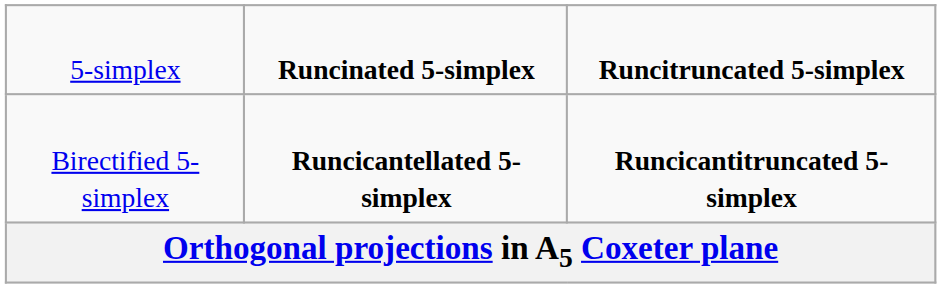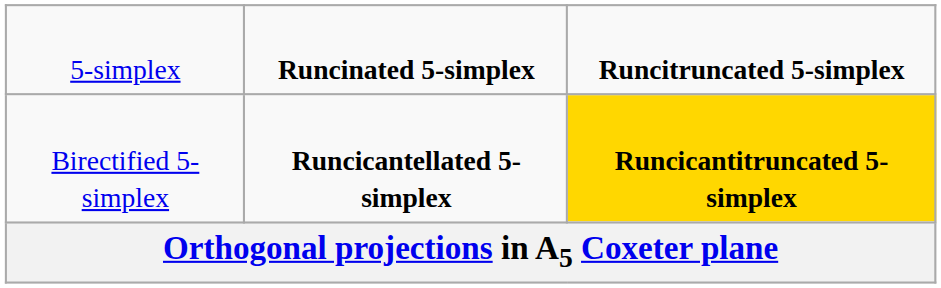 <table class=wikitable align=right width=450 style="margin-left:1em;">
 <tr align=center valign=top>
 <td><br><small><a href='#'>5-simplex</a></small><br></td>
 <td><br><small><strong>Runcinated 5-simplex</strong></small><br></td>
 <td><br><small><strong>Runcitruncated 5-simplex</strong></small><br></td>
 </tr>
 <tr align=center valign=top>
 <td><br><small><a href='#'>Birectified 5-simplex</a></small><br></td>
 <td><br><small><strong>Runcicantellated 5-simplex</strong></small><br></td>
-<td><br><small><strong>Runcicantitruncated 5-simplex</strong></small><br></td>
+<td style="background: gold;"><br><small><strong>Runcicantitruncated 5-simplex</strong></small><br></td>
 </tr>
 <tr>
 <th colspan=3><a href='#'>Orthogonal projections</a> in A<sub>5</sub> <a href='#'>Coxeter plane</a></th>
 </tr>
 </table>
